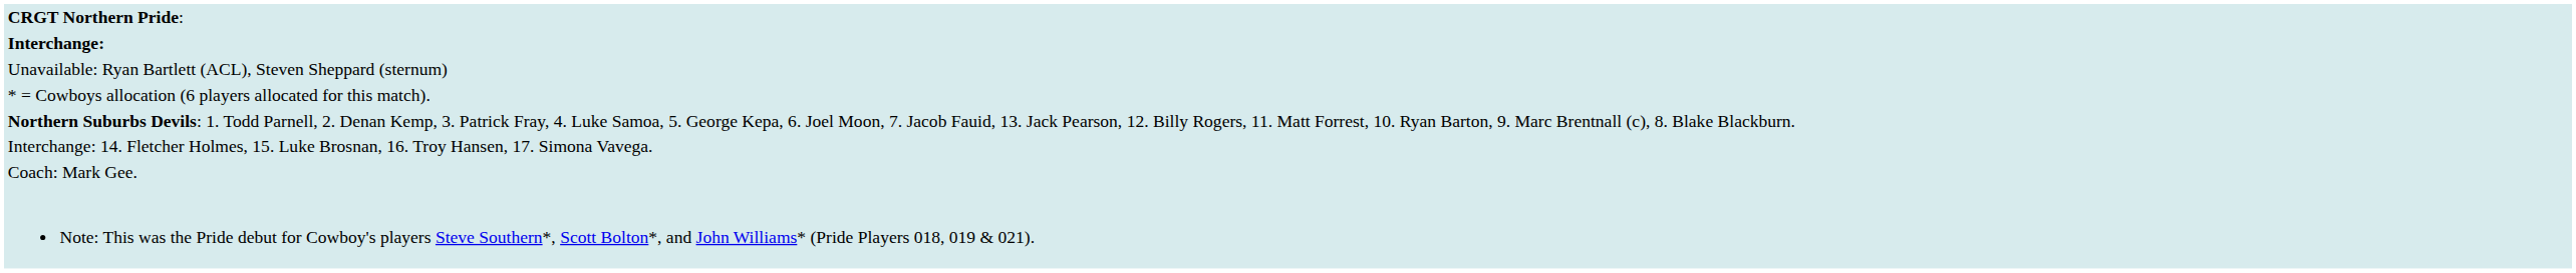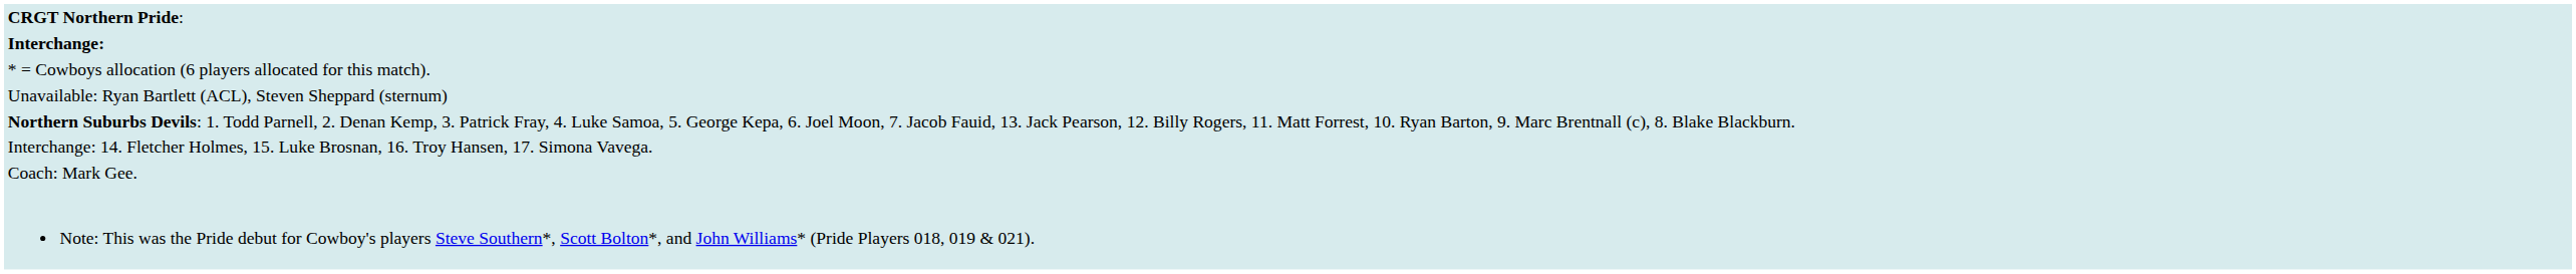 <table style="background:#d7ebed; font-size:85%; width:100%;">
 <tr>
 <td><strong>CRGT Northern Pride</strong>:             </td>
 </tr>
 <tr>
 <td><strong>Interchange:    </strong></td>
 </tr>
 <tr>
-<td>Unavailable: Ryan Bartlett (ACL), Steven Sheppard (sternum)</td>
+<td>* = Cowboys allocation (6 players allocated for this match).</td>
 </tr>
 <tr>
-<td>* = Cowboys allocation (6 players allocated for this match).</td>
+<td>Unavailable: Ryan Bartlett (ACL), Steven Sheppard (sternum)</td>
 </tr>
 <tr>
 <td><strong>Northern Suburbs Devils</strong>: 1. Todd Parnell, 2. Denan Kemp, 3. Patrick Fray, 4. Luke Samoa, 5. George Kepa, 6. Joel Moon, 7. Jacob Fauid, 13. Jack Pearson, 12. Billy Rogers, 11. Matt Forrest, 10. Ryan Barton, 9. Marc Brentnall (c), 8. Blake Blackburn.</td>
 </tr>
 <tr>
 <td>Interchange: 14. Fletcher Holmes, 15. Luke Brosnan, 16. Troy Hansen, 17. Simona Vavega.</td>
 </tr>
 <tr>
 <td>Coach: Mark Gee.</td>
 </tr>
 <tr>
 <td><br><ul><li>Note: This was the Pride debut for Cowboy's players <a href='#'>Steve Southern</a>*, <a href='#'>Scott Bolton</a>*, and <a href='#'>John Williams</a>* (Pride Players 018, 019 & 021).</li></ul></td>
 </tr>
 </table>
